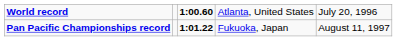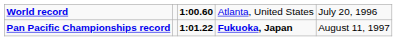 <table class="wikitable">
 <tr>
 <td><strong><a href='#'>World record</a></strong></td>
 <td></td>
 <td><strong>1:00.60</strong></td>
 <td><a href='#'>Atlanta</a>, United States</td>
 <td>July 20, 1996</td>
 </tr>
 <tr>
 <td><strong><a href='#'>Pan Pacific Championships record</a></strong></td>
 <td></td>
 <td><strong>1:01.22</strong></td>
-<td><a href='#'>Fukuoka</a>, Japan</td>
+<td><strong><a href='#'>Fukuoka</a>, Japan</strong></td>
 <td>August 11, 1997</td>
 </tr>
 </table>
